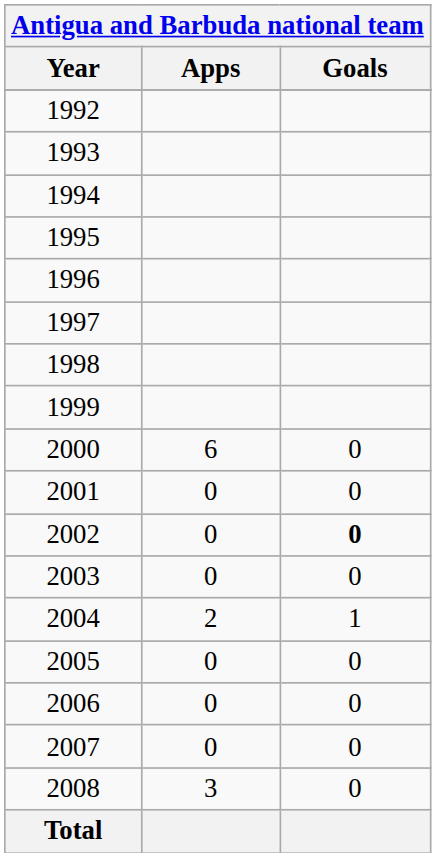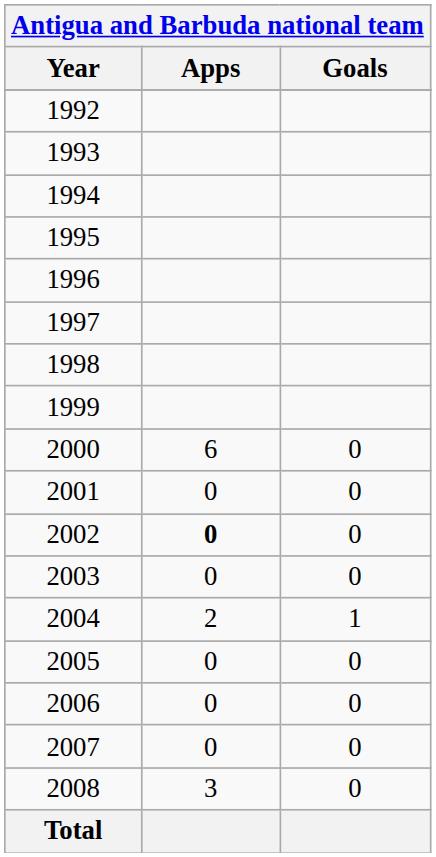 <table class="wikitable" style="text-align:center">
 <tr>
 <th colspan=3><a href='#'>Antigua and Barbuda national team</a></th>
 </tr>
 <tr>
 <th>Year</th>
 <th>Apps</th>
 <th>Goals</th>
 </tr>
 <tr>
 </tr>
 <tr>
 <td>1992</td>
 <td></td>
 <td></td>
 </tr>
 <tr>
 <td>1993</td>
 <td></td>
 <td></td>
 </tr>
 <tr>
 <td>1994</td>
 <td></td>
 <td></td>
 </tr>
 <tr>
 <td>1995</td>
 <td></td>
 <td></td>
 </tr>
 <tr>
 <td>1996</td>
 <td></td>
 <td></td>
 </tr>
 <tr>
 <td>1997</td>
 <td></td>
 <td></td>
 </tr>
 <tr>
 <td>1998</td>
 <td></td>
 <td></td>
 </tr>
 <tr>
 <td>1999</td>
 <td></td>
 <td></td>
 </tr>
 <tr>
 <td>2000</td>
 <td>6</td>
 <td>0</td>
 </tr>
 <tr>
 <td>2001</td>
 <td>0</td>
 <td>0</td>
 </tr>
 <tr>
 <td>2002</td>
+<td><strong>0</strong></td>
 <td>0</td>
-<td><strong>0</strong></td>
 </tr>
 <tr>
 <td>2003</td>
 <td>0</td>
 <td>0</td>
 </tr>
 <tr>
 <td>2004</td>
 <td>2</td>
 <td>1</td>
 </tr>
 <tr>
 <td>2005</td>
 <td>0</td>
 <td>0</td>
 </tr>
 <tr>
 <td>2006</td>
 <td>0</td>
 <td>0</td>
 </tr>
 <tr>
 <td>2007</td>
 <td>0</td>
 <td>0</td>
 </tr>
 <tr>
 <td>2008</td>
 <td>3</td>
 <td>0</td>
 </tr>
 <tr>
 <th>Total</th>
 <th></th>
 <th></th>
 </tr>
 </table>
